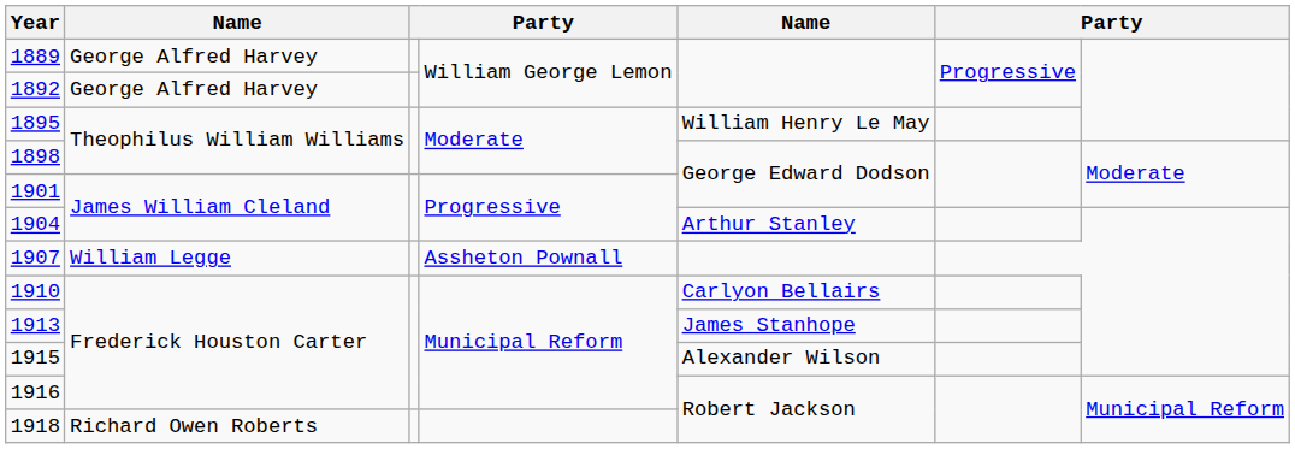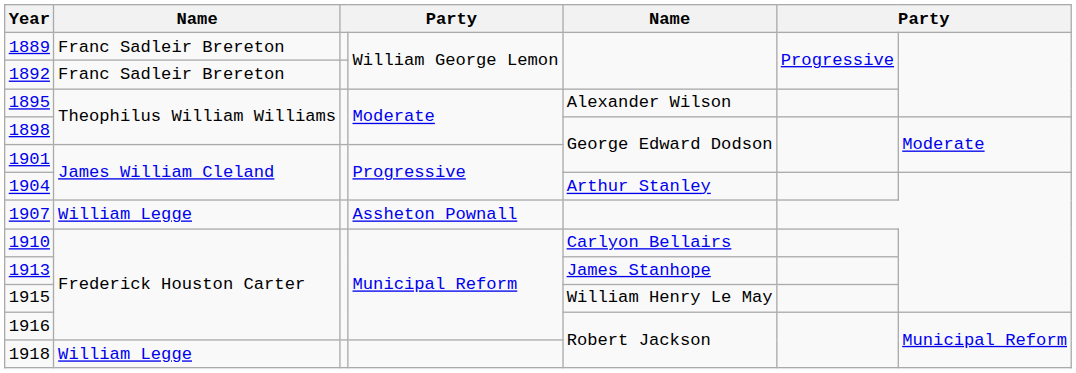 <table class="wikitable">
 <tr>
 <th>Year</th>
 <th>Name</th>
 <th colspan=2>Party</th>
 <th>Name</th>
 <th colspan=2>Party</th>
 </tr>
 <tr>
 <td><a href='#'>1889</a></td>
-<td>George Alfred Harvey</td>
+<td>Franc Sadleir Brereton</td>
 <td></td>
 <td rowspan=2>William George Lemon</td>
 <td rowspan=2 style="background-color: "></td>
 <td rowspan=2><a href='#'>Progressive</a></td>
 </tr>
 <tr>
 <td><a href='#'>1892</a></td>
-<td>George Alfred Harvey</td>
+<td>Franc Sadleir Brereton</td>
 <td></td>
 </tr>
 <tr>
 <td><a href='#'>1895</a></td>
 <td rowspan=2>Theophilus William Williams</td>
 <td rowspan=2 style="background-color: "></td>
 <td rowspan=2><a href='#'>Moderate</a></td>
-<td>William Henry Le May</td>
+<td>Alexander Wilson</td>
 <td></td>
 </tr>
 <tr>
 <td><a href='#'>1898</a></td>
 <td rowspan=2>George Edward Dodson</td>
 <td rowspan=2 style="background-color: "></td>
 <td rowspan=2><a href='#'>Moderate</a></td>
 </tr>
 <tr>
 <td><a href='#'>1901</a></td>
 <td rowspan=2><a href='#'>James William Cleland</a></td>
 <td rowspan=2 style="background-color: "></td>
 <td rowspan=2><a href='#'>Progressive</a></td>
 </tr>
 <tr>
 <td><a href='#'>1904</a></td>
 <td><a href='#'>Arthur Stanley</a></td>
 <td></td>
 </tr>
 <tr>
 <td><a href='#'>1907</a></td>
 <td><a href='#'>William Legge</a></td>
 <td></td>
 <td><a href='#'>Assheton Pownall</a></td>
 <td></td>
 </tr>
 <tr>
 <td><a href='#'>1910</a></td>
 <td rowspan=4>Frederick Houston Carter</td>
 <td rowspan=4 style="background-color: "></td>
 <td rowspan=4><a href='#'>Municipal Reform</a></td>
 <td><a href='#'>Carlyon Bellairs</a></td>
 <td></td>
 </tr>
 <tr>
 <td><a href='#'>1913</a></td>
 <td><a href='#'>James Stanhope</a></td>
 <td></td>
 </tr>
 <tr>
 <td>1915</td>
-<td>Alexander Wilson</td>
+<td>William Henry Le May</td>
 <td></td>
 </tr>
 <tr>
 <td>1916</td>
 <td rowspan=2>Robert Jackson</td>
 <td rowspan=2 style="background-color: "></td>
 <td rowspan=2><a href='#'>Municipal Reform</a></td>
 </tr>
 <tr>
 <td>1918</td>
-<td>Richard Owen Roberts</td>
+<td><a href='#'>William Legge</a></td>
 <td></td>
 </tr>
 </table>
